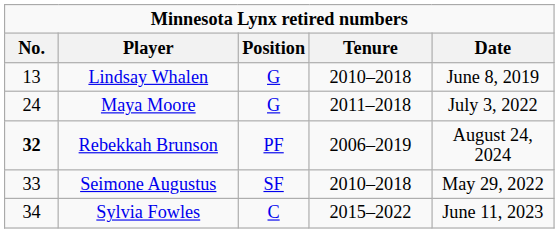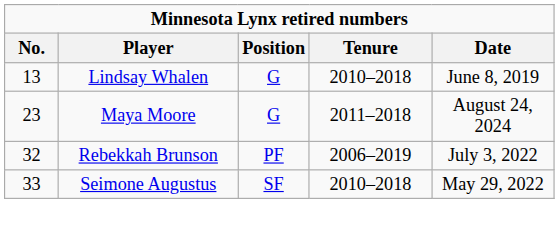 <table class="wikitable" style="text-align:center">
 <tr>
 <td colspan="5"><strong>Minnesota Lynx retired numbers</strong></td>
 </tr>
 <tr>
 <th style="width:40px; ">No.</th>
 <th style="width:150px; ">Player</th>
 <th style="width:40px; ">Position</th>
 <th style="width:100px; ">Tenure</th>
 <th style="width:100px; ">Date</th>
 </tr>
 <tr>
 <td>13</td>
 <td><a href='#'>Lindsay Whalen</a></td>
 <td><a href='#'>G</a></td>
 <td>2010–2018</td>
 <td>June 8, 2019</td>
 </tr>
 <tr>
-<td>24</td>
+<td>23</td>
 <td><a href='#'>Maya Moore</a></td>
 <td><a href='#'>G</a></td>
 <td>2011–2018</td>
-<td>July 3, 2022</td>
+<td>August 24, 2024</td>
 </tr>
 <tr>
-<td><strong>32</strong></td>
+<td>32</td>
 <td><a href='#'>Rebekkah Brunson</a></td>
 <td><a href='#'>PF</a></td>
 <td>2006–2019</td>
-<td>August 24, 2024</td>
+<td>July 3, 2022</td>
 </tr>
 <tr>
 <td>33</td>
 <td><a href='#'>Seimone Augustus</a></td>
 <td><a href='#'>SF</a></td>
 <td>2010–2018</td>
 <td>May 29, 2022</td>
 </tr>
-<tr>
-<td>34</td>
-<td><a href='#'>Sylvia Fowles</a></td>
-<td><a href='#'>C</a></td>
-<td>2015–2022</td>
-<td>June 11, 2023</td>
-</tr>
 </table>
